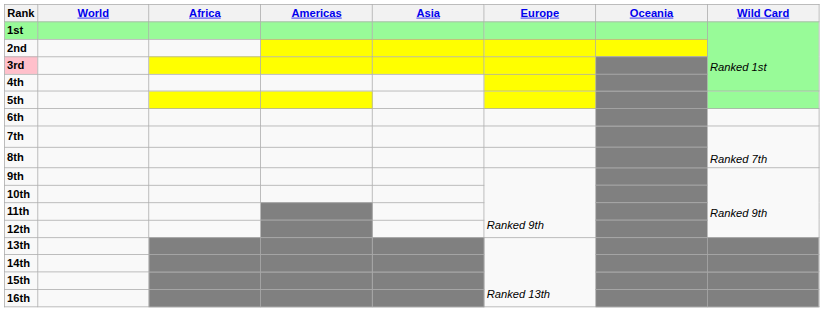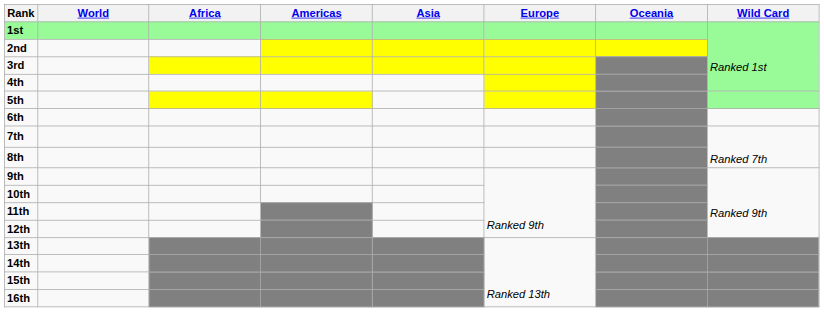 <table class=wikitable  style="font-size:92%;">
 <tr>
 <th width=4%>Rank</th>
 <th width=13.5%><a href='#'>World</a></th>
 <th width=13.5%><a href='#'>Africa</a></th>
 <th width=13.5%><a href='#'>Americas</a></th>
 <th width=13.5%><a href='#'>Asia</a></th>
 <th width=13.5%><a href='#'>Europe</a></th>
 <th width=13.5%><a href='#'>Oceania</a></th>
 <th width=13.5%><a href='#'>Wild Card</a></th>
 </tr>
 <tr bgcolor="#98fb98">
 <td><strong>1st</strong></td>
 <td></td>
 <td></td>
 <td></td>
 <td></td>
 <td></td>
 <td></td>
 <td rowspan=4 valign=top><br><br><br> <em>Ranked 1st</em></td>
 </tr>
 <tr>
 <td><strong>2nd</strong></td>
 <td></td>
 <td></td>
 <td bgcolor=yellow></td>
 <td bgcolor=yellow></td>
 <td bgcolor=yellow></td>
 <td bgcolor=yellow></td>
 </tr>
 <tr>
-<td style="background: pink;"><strong>3rd</strong></td>
+<td><strong>3rd</strong></td>
 <td></td>
 <td bgcolor=yellow></td>
 <td bgcolor=yellow></td>
 <td bgcolor=yellow></td>
 <td bgcolor=yellow></td>
 <td bgcolor=gray></td>
 </tr>
 <tr>
 <td><strong>4th</strong></td>
 <td></td>
 <td></td>
 <td></td>
 <td></td>
 <td bgcolor=yellow></td>
 <td bgcolor=gray></td>
 </tr>
 <tr>
 <td><strong>5th</strong></td>
 <td></td>
 <td bgcolor=yellow></td>
 <td bgcolor=yellow></td>
 <td></td>
 <td bgcolor=yellow></td>
 <td bgcolor=gray></td>
 <td bgcolor=#98fb98></td>
 </tr>
 <tr>
 <td><strong>6th</strong></td>
 <td></td>
 <td></td>
 <td></td>
 <td></td>
 <td></td>
 <td bgcolor=gray></td>
 <td></td>
 </tr>
 <tr>
 <td><strong>7th</strong></td>
 <td></td>
 <td></td>
 <td></td>
 <td></td>
 <td></td>
 <td bgcolor=gray></td>
 <td rowspan=2 valign=top><br><br><em>Ranked 7th</em></td>
 </tr>
 <tr>
 <td><strong>8th</strong></td>
 <td></td>
 <td></td>
 <td></td>
 <td></td>
 <td></td>
 <td bgcolor=gray></td>
 </tr>
 <tr>
 <td><strong>9th</strong></td>
 <td></td>
 <td></td>
 <td></td>
 <td></td>
 <td rowspan=4 valign=top><br><span></span><br><br><br><em>Ranked 9th</em></td>
 <td bgcolor=gray></td>
 <td rowspan=4 valign=top><br><br><br> <em>Ranked 9th</em></td>
 </tr>
 <tr>
 <td><strong>10th</strong></td>
 <td></td>
 <td></td>
 <td></td>
 <td></td>
 <td bgcolor=gray></td>
 </tr>
 <tr>
 <td><strong>11th</strong></td>
 <td></td>
 <td></td>
 <td bgcolor=gray></td>
 <td></td>
 <td bgcolor=gray></td>
 </tr>
 <tr>
 <td><strong>12th</strong></td>
 <td></td>
 <td></td>
 <td bgcolor=gray></td>
 <td></td>
 <td bgcolor=gray></td>
 </tr>
 <tr>
 <td><strong>13th</strong></td>
 <td></td>
 <td bgcolor=gray></td>
 <td bgcolor=gray></td>
 <td bgcolor=gray></td>
 <td rowspan=4 valign=top><br><br><br><br><em>Ranked 13th</em></td>
 <td bgcolor=gray></td>
 <td bgcolor=gray></td>
 </tr>
 <tr>
 <td><strong>14th</strong></td>
 <td></td>
 <td bgcolor=gray></td>
 <td bgcolor=gray></td>
 <td bgcolor=gray></td>
 <td bgcolor=gray></td>
 <td bgcolor=gray></td>
 </tr>
 <tr>
 <td><strong>15th</strong></td>
 <td></td>
 <td bgcolor=gray></td>
 <td bgcolor=gray></td>
 <td bgcolor=gray></td>
 <td bgcolor=gray></td>
 <td bgcolor=gray></td>
 </tr>
 <tr>
 <td><strong>16th</strong></td>
 <td></td>
 <td bgcolor=gray></td>
 <td bgcolor=gray></td>
 <td bgcolor=gray></td>
 <td bgcolor=gray></td>
 <td bgcolor=gray></td>
 </tr>
 </table>
